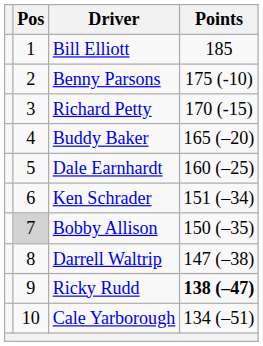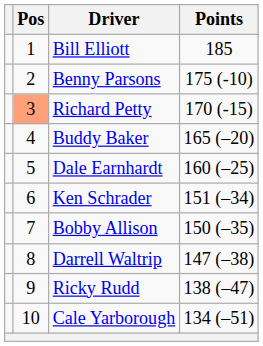 <table class="wikitable" style="font-size: 95%;">
 <tr>
 <th></th>
 <th>Pos</th>
 <th>Driver</th>
 <th>Points</th>
 </tr>
 <tr>
 <td align="left"></td>
 <td style="text-align:center;">1</td>
 <td><a href='#'>Bill Elliott</a></td>
 <td style="text-align:center;">185</td>
 </tr>
 <tr>
 <td align="left"></td>
 <td style="text-align:center;">2</td>
 <td><a href='#'>Benny Parsons</a></td>
 <td style="text-align:center;">175 (-10)</td>
 </tr>
 <tr>
 <td align="left"></td>
-<td style="text-align:center;">3</td>
+<td style="background: lightsalmon; text-align:center;">3</td>
 <td><a href='#'>Richard Petty</a></td>
 <td style="text-align:center;">170 (-15)</td>
 </tr>
 <tr>
 <td align="left"></td>
 <td style="text-align:center;">4</td>
 <td><a href='#'>Buddy Baker</a></td>
 <td style="text-align:center;">165 (–20)</td>
 </tr>
 <tr>
 <td align="left"></td>
 <td style="text-align:center;">5</td>
 <td><a href='#'>Dale Earnhardt</a></td>
 <td style="text-align:center;">160 (–25)</td>
 </tr>
 <tr>
 <td align="left"></td>
 <td style="text-align:center;">6</td>
 <td><a href='#'>Ken Schrader</a></td>
 <td style="text-align:center;">151 (–34)</td>
 </tr>
 <tr>
 <td align="left"></td>
-<td style="background: lightgrey; text-align:center;">7</td>
+<td style="text-align:center;">7</td>
 <td><a href='#'>Bobby Allison</a></td>
 <td style="text-align:center;">150 (–35)</td>
 </tr>
 <tr>
 <td align="left"></td>
 <td style="text-align:center;">8</td>
 <td><a href='#'>Darrell Waltrip</a></td>
 <td style="text-align:center;">147 (–38)</td>
 </tr>
 <tr>
 <td align="left"></td>
 <td style="text-align:center;">9</td>
 <td><a href='#'>Ricky Rudd</a></td>
-<td style="text-align:center;"><strong>138 (–47)</strong></td>
+<td style="text-align:center;">138 (–47)</td>
 </tr>
 <tr>
 <td align="left"></td>
 <td style="text-align:center;">10</td>
 <td><a href='#'>Cale Yarborough</a></td>
 <td style="text-align:center;">134 (–51)</td>
 </tr>
 <tr class="sortbottom">
 <th colspan="9"></th>
 </tr>
 </table>
